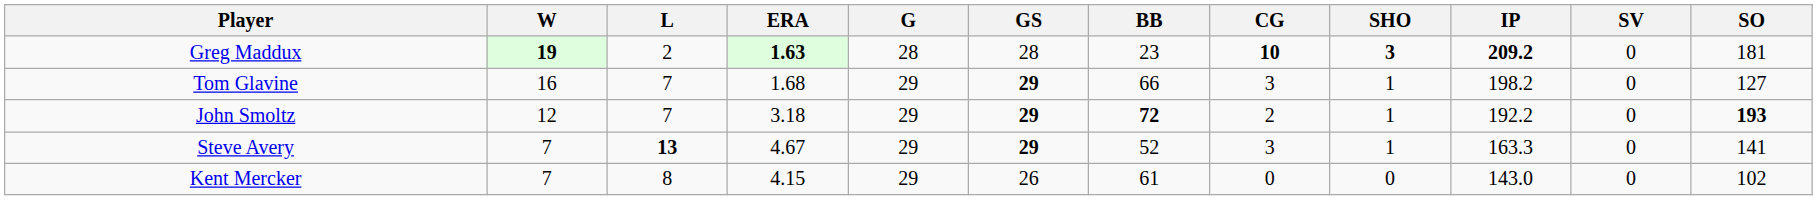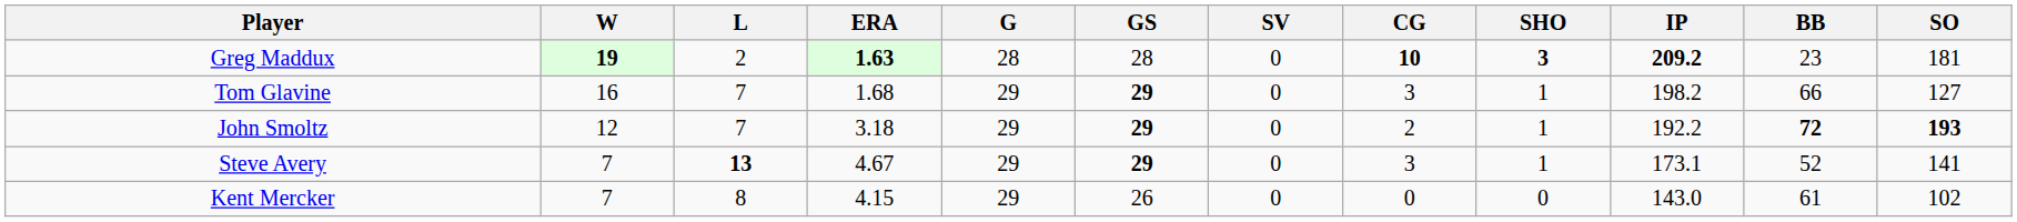 <table class="wikitable sortable">
 <tr>
 <th bgcolor="#DDDDFF" width="12%">Player</th>
 <th bgcolor="#DDDDFF" width="3%">W</th>
 <th bgcolor="#DDDDFF" width="3%">L</th>
 <th bgcolor="#DDDDFF" width="3%">ERA</th>
 <th bgcolor="#DDDDFF" width="3%">G</th>
 <th bgcolor="#DDDDFF" width="3%">GS</th>
-<th bgcolor="#DDDDFF" width="3%">BB</th>
+<th bgcolor="#DDDDFF" width="3%">SV</th>
 <th bgcolor="#DDDDFF" width="3%">CG</th>
 <th bgcolor="#DDDDFF" width="3%">SHO</th>
 <th bgcolor="#DDDDFF" width="3%">IP</th>
-<th bgcolor="#DDDDFF" width="3%">SV</th>
+<th bgcolor="#DDDDFF" width="3%">BB</th>
 <th bgcolor="#DDDDFF" width="3%">SO</th>
 </tr>
 <tr align="center">
 <td><a href='#'>Greg Maddux</a></td>
 <td style="background:#DDFFDD;"><strong>19</strong></td>
 <td>2</td>
 <td style="background:#DDFFDD;"><strong>1.63</strong></td>
 <td>28</td>
 <td>28</td>
-<td>23</td>
+<td>0</td>
 <td><strong>10</strong></td>
 <td><strong>3</strong></td>
 <td><strong>209.2</strong></td>
-<td>0</td>
+<td>23</td>
 <td>181</td>
 </tr>
 <tr align="center">
 <td><a href='#'>Tom Glavine</a></td>
 <td>16</td>
 <td>7</td>
 <td>1.68</td>
 <td>29</td>
 <td><strong>29</strong></td>
-<td>66</td>
+<td>0</td>
 <td>3</td>
 <td>1</td>
 <td>198.2</td>
-<td>0</td>
+<td>66</td>
 <td>127</td>
 </tr>
 <tr align="center">
 <td><a href='#'>John Smoltz</a></td>
 <td>12</td>
 <td>7</td>
 <td>3.18</td>
 <td>29</td>
 <td><strong>29</strong></td>
-<td><strong>72</strong></td>
+<td>0</td>
 <td>2</td>
 <td>1</td>
 <td>192.2</td>
-<td>0</td>
+<td><strong>72</strong></td>
 <td><strong>193</strong></td>
 </tr>
 <tr align="center">
 <td><a href='#'>Steve Avery</a></td>
 <td>7</td>
 <td><strong>13</strong></td>
 <td>4.67</td>
 <td>29</td>
 <td><strong>29</strong></td>
-<td>52</td>
+<td>0</td>
 <td>3</td>
 <td>1</td>
-<td>163.3</td>
-<td>0</td>
+<td>173.1</td>
+<td>52</td>
 <td>141</td>
 </tr>
 <tr align="center">
 <td><a href='#'>Kent Mercker</a></td>
 <td>7</td>
 <td>8</td>
 <td>4.15</td>
 <td>29</td>
 <td>26</td>
-<td>61</td>
+<td>0</td>
 <td>0</td>
 <td>0</td>
 <td>143.0</td>
-<td>0</td>
+<td>61</td>
 <td>102</td>
 </tr>
 </table>
